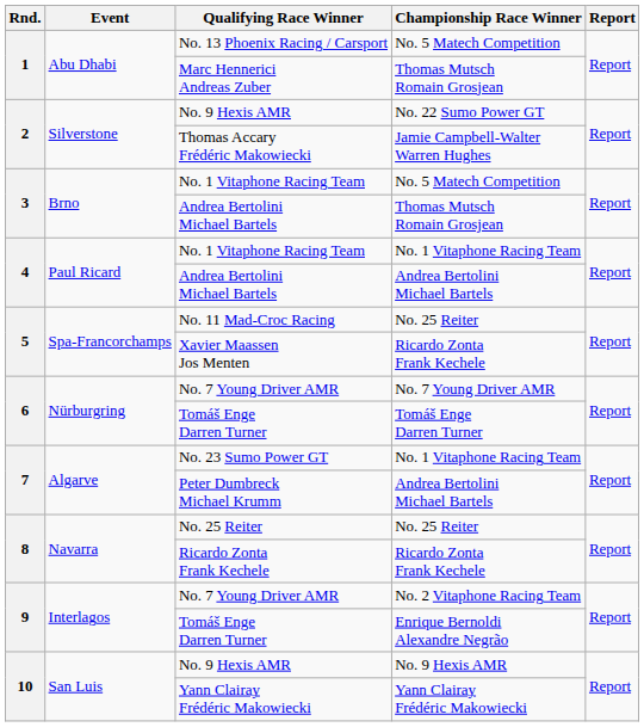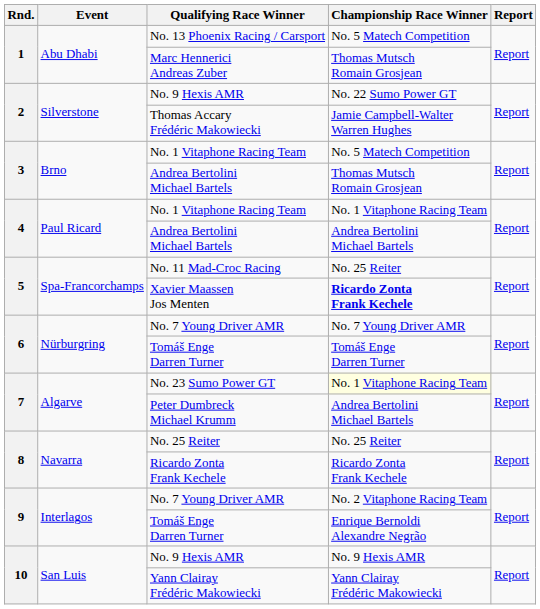 <table class="wikitable" style="font-size: 85%;">
 <tr>
 <th>Rnd.</th>
 <th>Event</th>
 <th>Qualifying Race Winner</th>
 <th>Championship Race Winner</th>
 <th>Report</th>
 </tr>
 <tr>
 <th rowspan=2>1</th>
 <td rowspan=2><a href='#'>Abu Dhabi</a></td>
 <td> No. 13 <a href='#'>Phoenix Racing / Carsport</a></td>
 <td> No. 5 <a href='#'>Matech Competition</a></td>
 <td rowspan=2><a href='#'>Report</a></td>
 </tr>
 <tr>
 <td> <a href='#'>Marc Hennerici</a><br> <a href='#'>Andreas Zuber</a></td>
 <td> <a href='#'>Thomas Mutsch</a><br> <a href='#'>Romain Grosjean</a></td>
 </tr>
 <tr>
 <th rowspan=2>2</th>
 <td rowspan=2><a href='#'>Silverstone</a></td>
 <td> No. 9 <a href='#'>Hexis AMR</a></td>
 <td> No. 22 <a href='#'>Sumo Power GT</a></td>
 <td rowspan=2><a href='#'>Report</a></td>
 </tr>
 <tr>
 <td> Thomas Accary<br> <a href='#'>Frédéric Makowiecki</a></td>
 <td> <a href='#'>Jamie Campbell-Walter</a><br> <a href='#'>Warren Hughes</a></td>
 </tr>
 <tr>
 <th rowspan=2>3</th>
 <td rowspan=2><a href='#'>Brno</a></td>
 <td> No. 1 <a href='#'>Vitaphone Racing Team</a></td>
 <td> No. 5 <a href='#'>Matech Competition</a></td>
 <td rowspan=2><a href='#'>Report</a></td>
 </tr>
 <tr>
 <td> <a href='#'>Andrea Bertolini</a><br> <a href='#'>Michael Bartels</a></td>
 <td> <a href='#'>Thomas Mutsch</a><br> <a href='#'>Romain Grosjean</a></td>
 </tr>
 <tr>
 <th rowspan=2>4</th>
 <td rowspan=2><a href='#'>Paul Ricard</a></td>
 <td> No. 1 <a href='#'>Vitaphone Racing Team</a></td>
 <td> No. 1 <a href='#'>Vitaphone Racing Team</a></td>
 <td rowspan=2><a href='#'>Report</a></td>
 </tr>
 <tr>
 <td> <a href='#'>Andrea Bertolini</a><br> <a href='#'>Michael Bartels</a></td>
 <td> <a href='#'>Andrea Bertolini</a><br> <a href='#'>Michael Bartels</a></td>
 </tr>
 <tr>
 <th rowspan=2>5</th>
 <td rowspan=2><a href='#'>Spa-Francorchamps</a></td>
 <td> No. 11 <a href='#'>Mad-Croc Racing</a></td>
 <td> No. 25 <a href='#'>Reiter</a></td>
 <td rowspan=2><a href='#'>Report</a></td>
 </tr>
 <tr>
 <td> <a href='#'>Xavier Maassen</a><br> Jos Menten</td>
-<td> <a href='#'>Ricardo Zonta</a><br> <a href='#'>Frank Kechele</a></td>
+<td><strong> <a href='#'>Ricardo Zonta</a><br> <a href='#'>Frank Kechele</a></strong></td>
 </tr>
 <tr>
 <th rowspan=2>6</th>
 <td rowspan=2><a href='#'>Nürburgring</a></td>
 <td> No. 7 <a href='#'>Young Driver AMR</a></td>
 <td> No. 7 <a href='#'>Young Driver AMR</a></td>
 <td rowspan=2><a href='#'>Report</a></td>
 </tr>
 <tr>
 <td> <a href='#'>Tomáš Enge</a><br> <a href='#'>Darren Turner</a></td>
 <td> <a href='#'>Tomáš Enge</a><br> <a href='#'>Darren Turner</a></td>
 </tr>
 <tr>
 <th rowspan=2>7</th>
 <td rowspan=2><a href='#'>Algarve</a></td>
 <td> No. 23 <a href='#'>Sumo Power GT</a></td>
-<td> No. 1 <a href='#'>Vitaphone Racing Team</a></td>
+<td style="background: lightyellow;"> No. 1 <a href='#'>Vitaphone Racing Team</a></td>
 <td rowspan=2><a href='#'>Report</a></td>
 </tr>
 <tr>
 <td> <a href='#'>Peter Dumbreck</a><br> <a href='#'>Michael Krumm</a></td>
 <td> <a href='#'>Andrea Bertolini</a><br> <a href='#'>Michael Bartels</a></td>
 </tr>
 <tr>
 <th rowspan=2>8</th>
 <td rowspan=2><a href='#'>Navarra</a></td>
 <td> No. 25 <a href='#'>Reiter</a></td>
 <td> No. 25 <a href='#'>Reiter</a></td>
 <td rowspan=2><a href='#'>Report</a></td>
 </tr>
 <tr>
 <td> <a href='#'>Ricardo Zonta</a><br> <a href='#'>Frank Kechele</a></td>
 <td> <a href='#'>Ricardo Zonta</a><br> <a href='#'>Frank Kechele</a></td>
 </tr>
 <tr>
 <th rowspan=2>9</th>
 <td rowspan=2><a href='#'>Interlagos</a></td>
 <td> No. 7 <a href='#'>Young Driver AMR</a></td>
 <td> No. 2 <a href='#'>Vitaphone Racing Team</a></td>
 <td rowspan=2><a href='#'>Report</a></td>
 </tr>
 <tr>
 <td> <a href='#'>Tomáš Enge</a><br> <a href='#'>Darren Turner</a></td>
 <td> <a href='#'>Enrique Bernoldi</a><br> <a href='#'>Alexandre Negrão</a></td>
 </tr>
 <tr>
 <th rowspan=2>10</th>
 <td rowspan=2><a href='#'>San Luis</a></td>
 <td> No. 9 <a href='#'>Hexis AMR</a></td>
 <td> No. 9 <a href='#'>Hexis AMR</a></td>
 <td rowspan=2><a href='#'>Report</a></td>
 </tr>
 <tr>
 <td> <a href='#'>Yann Clairay</a><br> <a href='#'>Frédéric Makowiecki</a></td>
 <td> <a href='#'>Yann Clairay</a><br> <a href='#'>Frédéric Makowiecki</a></td>
 </tr>
 </table>
